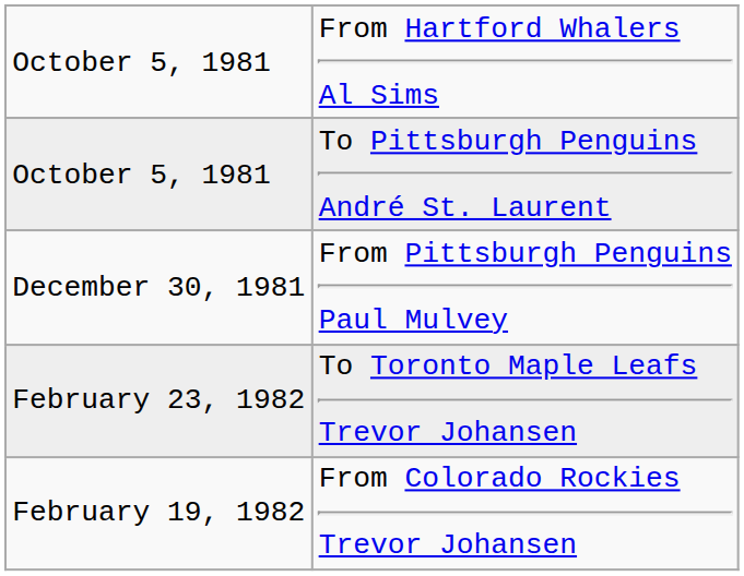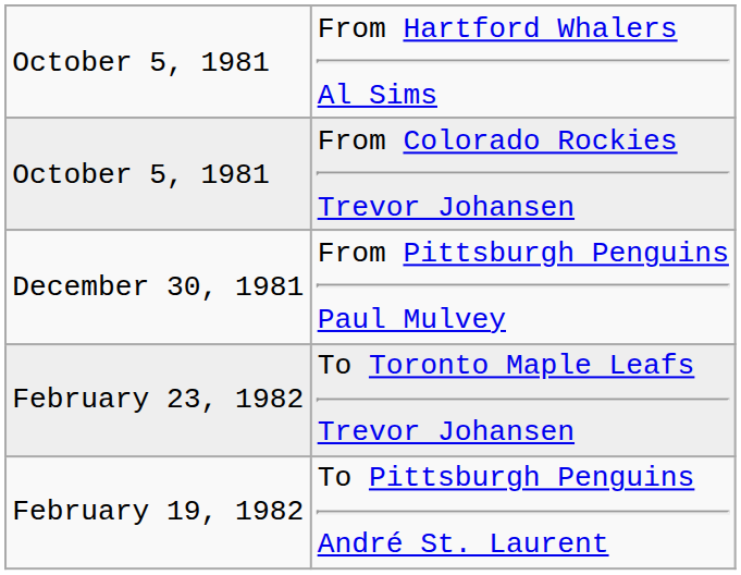 <table class="wikitable">
 <tr>
 <td>October 5, 1981</td>
 <td valign="top">From <a href='#'>Hartford Whalers</a><hr><a href='#'>Al Sims</a></td>
 </tr>
 <tr style="background:#eee;">
 <td>October 5, 1981</td>
-<td valign="top">To <a href='#'>Pittsburgh Penguins</a><hr><a href='#'>André St. Laurent</a></td>
+<td valign="top">From <a href='#'>Colorado Rockies</a><hr><a href='#'>Trevor Johansen</a></td>
 </tr>
 <tr>
 <td>December 30, 1981</td>
 <td valign="top">From <a href='#'>Pittsburgh Penguins</a><hr><a href='#'>Paul Mulvey</a></td>
 </tr>
 <tr style="background:#eee;">
 <td>February 23, 1982</td>
 <td valign="top">To <a href='#'>Toronto Maple Leafs</a><hr><a href='#'>Trevor Johansen</a></td>
 </tr>
 <tr>
 <td>February 19, 1982</td>
-<td valign="top">From <a href='#'>Colorado Rockies</a><hr><a href='#'>Trevor Johansen</a></td>
+<td valign="top">To <a href='#'>Pittsburgh Penguins</a><hr><a href='#'>André St. Laurent</a></td>
 </tr>
 </table>
